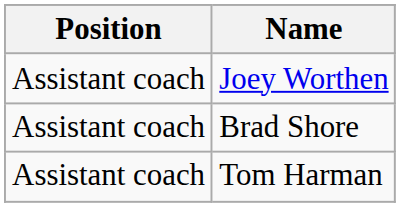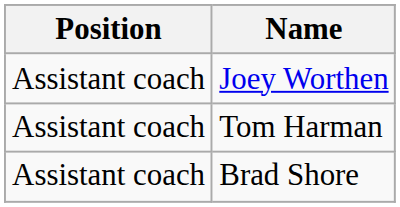 <table class= wikitable>
 <tr>
 <th width=xpx>Position</th>
 <th width=xpx>Name</th>
 </tr>
 <tr>
 <td>Assistant coach</td>
 <td><a href='#'>Joey Worthen</a></td>
 </tr>
 <tr>
 <td>Assistant coach</td>
-<td>Brad Shore</td>
+<td>Tom Harman</td>
 </tr>
 <tr>
 <td>Assistant coach</td>
-<td>Tom Harman</td>
+<td>Brad Shore</td>
 </tr>
 </table>
